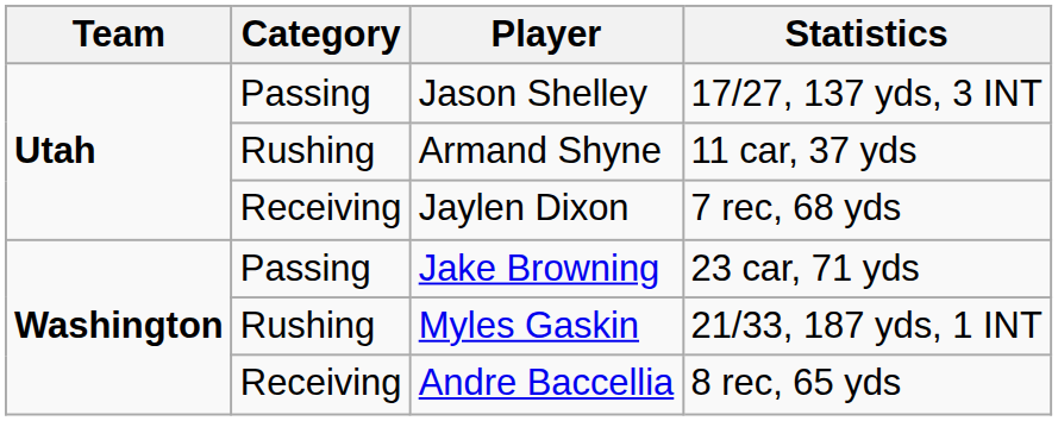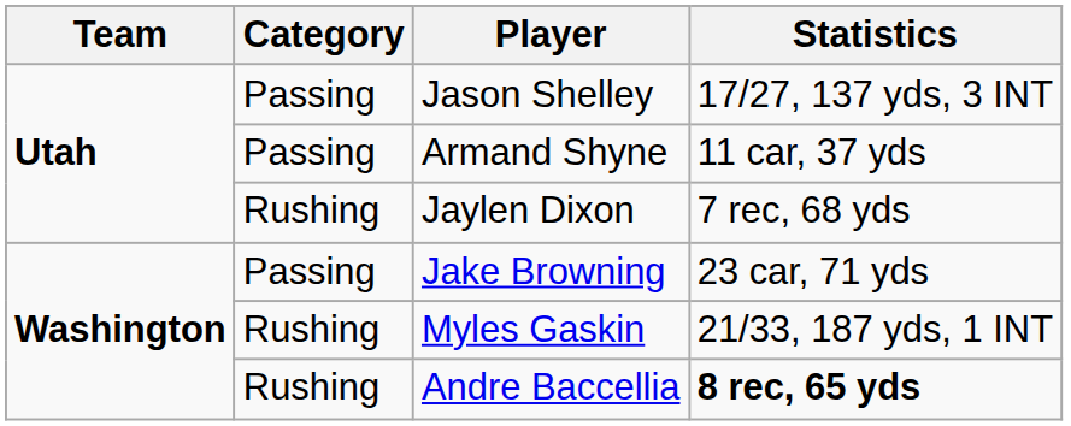 <table class="wikitable">
 <tr>
 <th>Team</th>
 <th>Category</th>
 <th>Player</th>
 <th>Statistics</th>
 </tr>
 <tr>
 <td rowspan=3><strong>Utah</strong></td>
 <td>Passing</td>
 <td>Jason Shelley</td>
 <td>17/27, 137 yds, 3 INT</td>
 </tr>
 <tr>
-<td>Rushing</td>
+<td>Passing</td>
 <td>Armand Shyne</td>
 <td>11 car, 37 yds</td>
 </tr>
 <tr>
-<td>Receiving</td>
+<td>Rushing</td>
 <td>Jaylen Dixon</td>
 <td>7 rec, 68 yds</td>
 </tr>
 <tr>
 <td rowspan=3><strong>Washington</strong></td>
 <td>Passing</td>
 <td><a href='#'>Jake Browning</a></td>
 <td>23 car, 71 yds</td>
 </tr>
 <tr>
 <td>Rushing</td>
 <td><a href='#'>Myles Gaskin</a></td>
 <td>21/33, 187 yds, 1 INT</td>
 </tr>
 <tr>
-<td>Receiving</td>
+<td>Rushing</td>
 <td><a href='#'>Andre Baccellia</a></td>
-<td>8 rec, 65 yds</td>
+<td><strong>8 rec, 65 yds</strong></td>
 </tr>
 </table>
